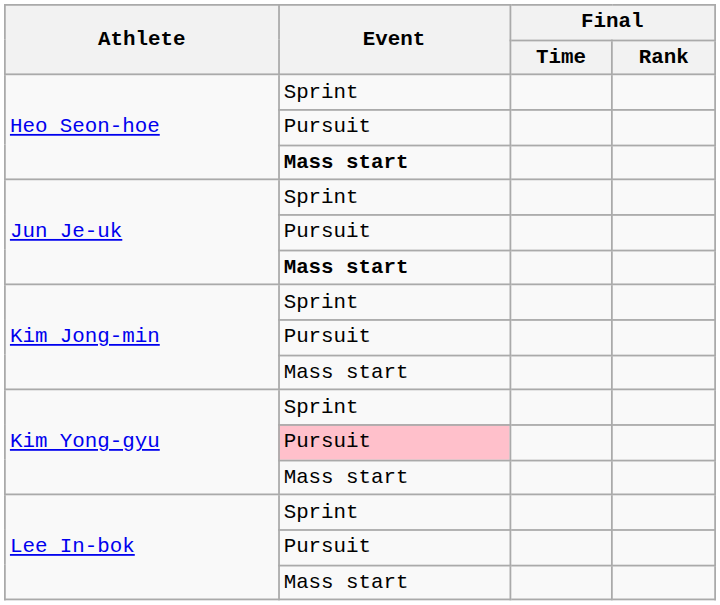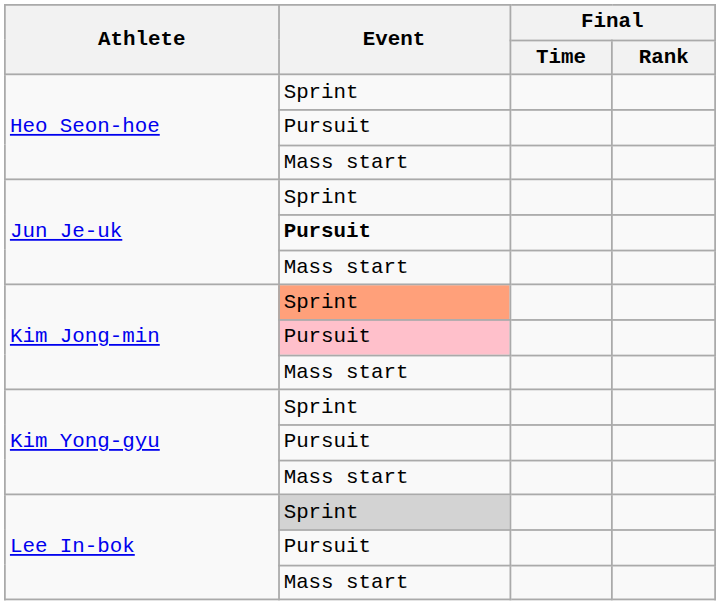 <table class="wikitable" style="font-size:90%; text-align:center; width:400px;">
 <tr>
 <th rowspan="2">Athlete</th>
 <th rowspan="2">Event</th>
 <th colspan="2">Final</th>
 </tr>
 <tr>
 <th>Time</th>
 <th>Rank</th>
 </tr>
 <tr>
 <td align=left rowspan=3><a href='#'>Heo Seon-hoe</a></td>
 <td align=left>Sprint</td>
 <td></td>
 <td></td>
 </tr>
 <tr>
 <td align=left>Pursuit</td>
 <td></td>
 <td></td>
 </tr>
 <tr>
-<td align=left><strong>Mass start</strong></td>
+<td align=left>Mass start</td>
 <td></td>
 <td></td>
 </tr>
 <tr>
 <td align=left rowspan=3><a href='#'>Jun Je-uk</a></td>
 <td align=left>Sprint</td>
 <td></td>
 <td></td>
 </tr>
 <tr>
-<td align=left>Pursuit</td>
+<td align=left><strong>Pursuit</strong></td>
 <td></td>
 <td></td>
 </tr>
 <tr>
-<td align=left><strong>Mass start</strong></td>
+<td align=left>Mass start</td>
 <td></td>
 <td></td>
 </tr>
 <tr>
 <td align=left rowspan=3><a href='#'>Kim Jong-min</a></td>
+<td align=left style="background: lightsalmon;">Sprint</td>
+<td></td>
+<td></td>
+</tr>
+<tr>
+<td align=left style="background: pink;">Pursuit</td>
+<td></td>
+<td></td>
+</tr>
+<tr>
+<td align=left>Mass start</td>
+<td></td>
+<td></td>
+</tr>
+<tr>
+<td align=left rowspan=3><a href='#'>Kim Yong-gyu</a></td>
 <td align=left>Sprint</td>
 <td></td>
 <td></td>
 </tr>
 <tr>
 <td align=left>Pursuit</td>
 <td></td>
 <td></td>
 </tr>
 <tr>
 <td align=left>Mass start</td>
 <td></td>
 <td></td>
 </tr>
 <tr>
-<td align=left rowspan=3><a href='#'>Kim Yong-gyu</a></td>
-<td align=left>Sprint</td>
-<td></td>
-<td></td>
-</tr>
-<tr>
-<td align=left style="background: pink;">Pursuit</td>
-<td></td>
-<td></td>
-</tr>
-<tr>
-<td align=left>Mass start</td>
-<td></td>
-<td></td>
-</tr>
-<tr>
 <td align=left rowspan=3><a href='#'>Lee In-bok</a></td>
-<td align=left>Sprint</td>
+<td align=left style="background: lightgrey;">Sprint</td>
 <td></td>
 <td></td>
 </tr>
 <tr>
 <td align=left>Pursuit</td>
 <td></td>
 <td></td>
 </tr>
 <tr>
 <td align=left>Mass start</td>
 <td></td>
 <td></td>
 </tr>
 </table>
